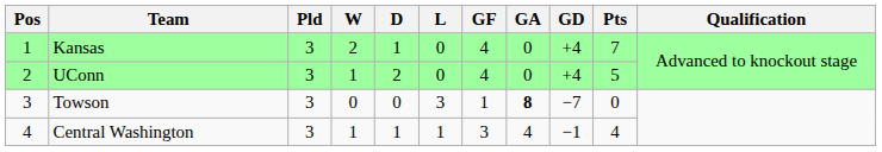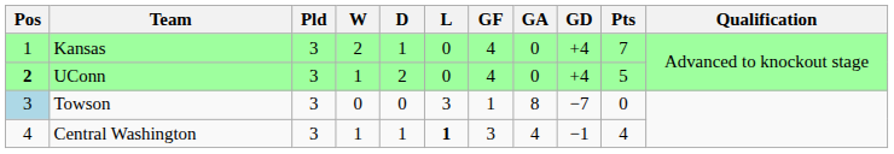 <table class="wikitable" style="text-align:center; margin: 1em auto">
 <tr>
 <th style="width:2em">Pos</th>
 <th style="width:13em">Team</th>
 <th style="width:2em">Pld</th>
 <th style="width:2em">W</th>
 <th style="width:2em">D</th>
 <th style="width:2em">L</th>
 <th style="width:2em">GF</th>
 <th style="width:2em">GA</th>
 <th style="width:2em">GD</th>
 <th style="width:2em">Pts</th>
 <th style="width:13em">Qualification</th>
 </tr>
 <tr bgcolor="#9eff9e">
 <td>1</td>
 <td style="text-align:left">Kansas</td>
 <td>3</td>
 <td>2</td>
 <td>1</td>
 <td>0</td>
 <td>4</td>
 <td>0</td>
 <td>+4</td>
 <td>7</td>
 <td rowspan="2">Advanced to knockout stage</td>
 </tr>
 <tr bgcolor="#9eff9e">
-<td>2</td>
+<td><strong>2</strong></td>
 <td style="text-align:left">UConn</td>
 <td>3</td>
 <td>1</td>
 <td>2</td>
 <td>0</td>
 <td>4</td>
 <td>0</td>
 <td>+4</td>
 <td>5</td>
 </tr>
 <tr>
-<td>3</td>
+<td style="background: lightblue;">3</td>
 <td style="text-align:left">Towson</td>
 <td>3</td>
 <td>0</td>
 <td>0</td>
 <td>3</td>
 <td>1</td>
-<td><strong>8</strong></td>
+<td>8</td>
 <td>−7</td>
 <td>0</td>
 </tr>
 <tr>
 <td>4</td>
 <td style="text-align:left">Central Washington</td>
 <td>3</td>
 <td>1</td>
 <td>1</td>
-<td>1</td>
+<td><strong>1</strong></td>
 <td>3</td>
 <td>4</td>
 <td>−1</td>
 <td>4</td>
 </tr>
 </table>
